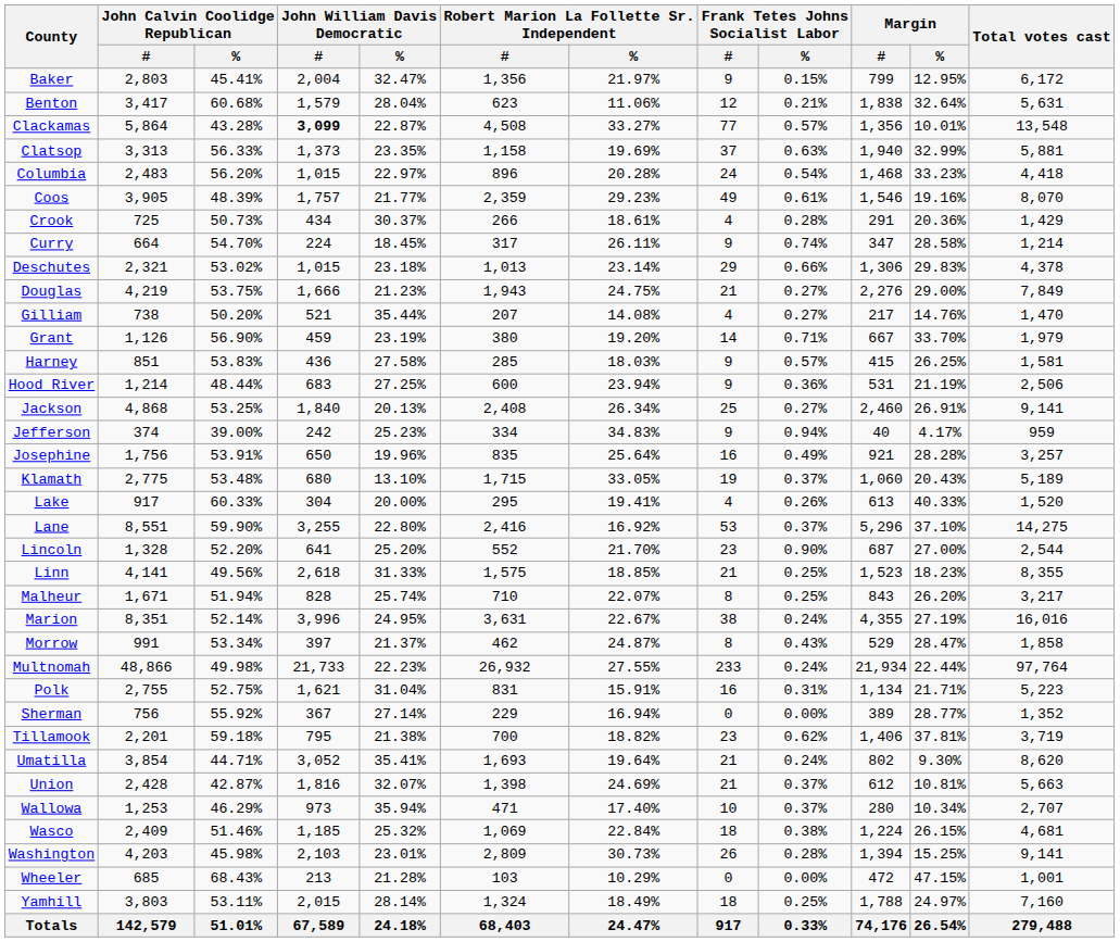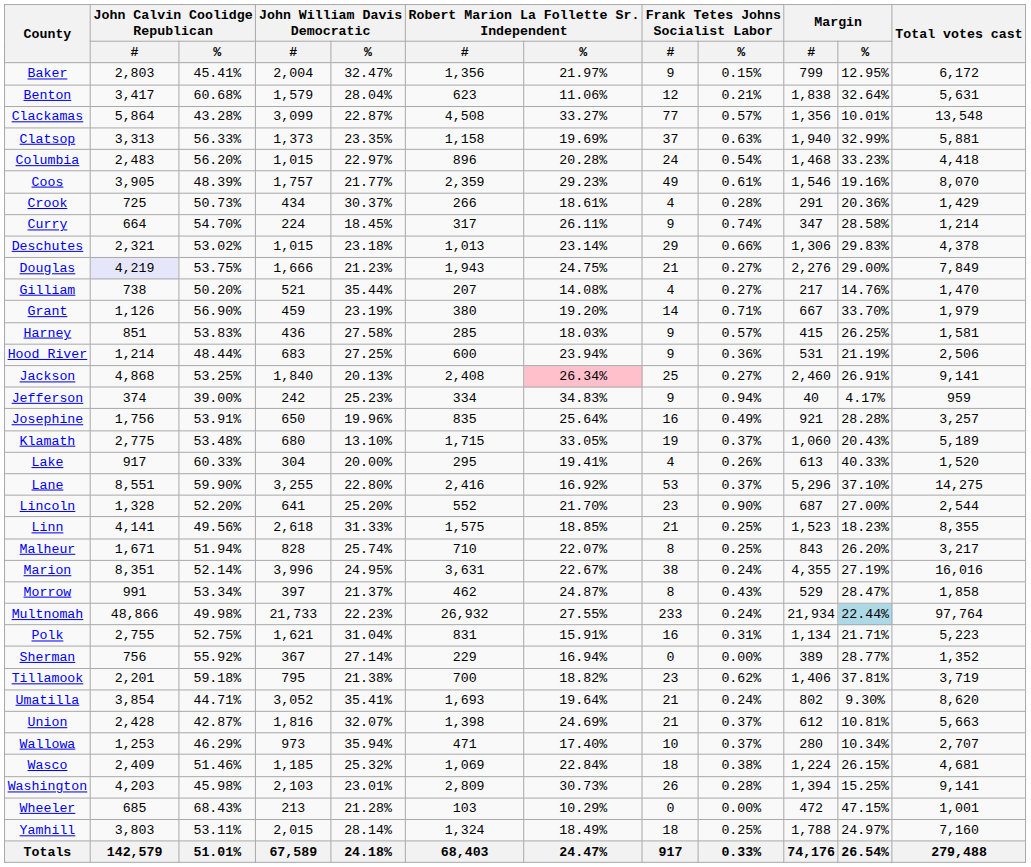 <table class="wikitable sortable">
 <tr>
 <th rowspan="2" style="text-align:center;">County</th>
 <th colspan="2" style="text-align:center;">John Calvin Coolidge<br>Republican</th>
 <th colspan="2" style="text-align:center;">John William Davis<br>Democratic</th>
 <th colspan="2" style="text-align:center;">Robert Marion La Follette Sr.<br>Independent</th>
 <th colspan="2" style="text-align:center;">Frank Tetes Johns<br>Socialist Labor</th>
 <th colspan="2" style="text-align:center;">Margin</th>
 <th rowspan="2" style="text-align:center;">Total votes cast</th>
 </tr>
 <tr>
 <th style="text-align:center;" data-sort-type="number">#</th>
 <th style="text-align:center;" data-sort-type="number">%</th>
 <th style="text-align:center;" data-sort-type="number">#</th>
 <th style="text-align:center;" data-sort-type="number">%</th>
 <th style="text-align:center;" data-sort-type="number">#</th>
 <th style="text-align:center;" data-sort-type="number">%</th>
 <th style="text-align:center;" data-sort-type="number">#</th>
 <th style="text-align:center;" data-sort-type="number">%</th>
 <th style="text-align:center;" data-sort-type="number">#</th>
 <th style="text-align:center;" data-sort-type="number">%</th>
 </tr>
 <tr style="text-align:center;">
 <td><a href='#'>Baker</a></td>
 <td>2,803</td>
 <td>45.41%</td>
 <td>2,004</td>
 <td>32.47%</td>
 <td>1,356</td>
 <td>21.97%</td>
 <td>9</td>
 <td>0.15%</td>
 <td>799</td>
 <td>12.95%</td>
 <td>6,172</td>
 </tr>
 <tr style="text-align:center;">
 <td><a href='#'>Benton</a></td>
 <td>3,417</td>
 <td>60.68%</td>
 <td>1,579</td>
 <td>28.04%</td>
 <td>623</td>
 <td>11.06%</td>
 <td>12</td>
 <td>0.21%</td>
 <td>1,838</td>
 <td>32.64%</td>
 <td>5,631</td>
 </tr>
 <tr style="text-align:center;">
 <td><a href='#'>Clackamas</a></td>
 <td>5,864</td>
 <td>43.28%</td>
-<td><strong>3,099</strong></td>
+<td>3,099</td>
 <td>22.87%</td>
 <td>4,508</td>
 <td>33.27%</td>
 <td>77</td>
 <td>0.57%</td>
 <td>1,356</td>
 <td>10.01%</td>
 <td>13,548</td>
 </tr>
 <tr style="text-align:center;">
 <td><a href='#'>Clatsop</a></td>
 <td>3,313</td>
 <td>56.33%</td>
 <td>1,373</td>
 <td>23.35%</td>
 <td>1,158</td>
 <td>19.69%</td>
 <td>37</td>
 <td>0.63%</td>
 <td>1,940</td>
 <td>32.99%</td>
 <td>5,881</td>
 </tr>
 <tr style="text-align:center;">
 <td><a href='#'>Columbia</a></td>
 <td>2,483</td>
 <td>56.20%</td>
 <td>1,015</td>
 <td>22.97%</td>
 <td>896</td>
 <td>20.28%</td>
 <td>24</td>
 <td>0.54%</td>
 <td>1,468</td>
 <td>33.23%</td>
 <td>4,418</td>
 </tr>
 <tr style="text-align:center;">
 <td><a href='#'>Coos</a></td>
 <td>3,905</td>
 <td>48.39%</td>
 <td>1,757</td>
 <td>21.77%</td>
 <td>2,359</td>
 <td>29.23%</td>
 <td>49</td>
 <td>0.61%</td>
 <td>1,546</td>
 <td>19.16%</td>
 <td>8,070</td>
 </tr>
 <tr style="text-align:center;">
 <td><a href='#'>Crook</a></td>
 <td>725</td>
 <td>50.73%</td>
 <td>434</td>
 <td>30.37%</td>
 <td>266</td>
 <td>18.61%</td>
 <td>4</td>
 <td>0.28%</td>
 <td>291</td>
 <td>20.36%</td>
 <td>1,429</td>
 </tr>
 <tr style="text-align:center;">
 <td><a href='#'>Curry</a></td>
 <td>664</td>
 <td>54.70%</td>
 <td>224</td>
 <td>18.45%</td>
 <td>317</td>
 <td>26.11%</td>
 <td>9</td>
 <td>0.74%</td>
 <td>347</td>
 <td>28.58%</td>
 <td>1,214</td>
 </tr>
 <tr style="text-align:center;">
 <td><a href='#'>Deschutes</a></td>
 <td>2,321</td>
 <td>53.02%</td>
 <td>1,015</td>
 <td>23.18%</td>
 <td>1,013</td>
 <td>23.14%</td>
 <td>29</td>
 <td>0.66%</td>
 <td>1,306</td>
 <td>29.83%</td>
 <td>4,378</td>
 </tr>
 <tr style="text-align:center;">
 <td><a href='#'>Douglas</a></td>
-<td>4,219</td>
+<td style="background: lavender;">4,219</td>
 <td>53.75%</td>
 <td>1,666</td>
 <td>21.23%</td>
 <td>1,943</td>
 <td>24.75%</td>
 <td>21</td>
 <td>0.27%</td>
 <td>2,276</td>
 <td>29.00%</td>
 <td>7,849</td>
 </tr>
 <tr style="text-align:center;">
 <td><a href='#'>Gilliam</a></td>
 <td>738</td>
 <td>50.20%</td>
 <td>521</td>
 <td>35.44%</td>
 <td>207</td>
 <td>14.08%</td>
 <td>4</td>
 <td>0.27%</td>
 <td>217</td>
 <td>14.76%</td>
 <td>1,470</td>
 </tr>
 <tr style="text-align:center;">
 <td><a href='#'>Grant</a></td>
 <td>1,126</td>
 <td>56.90%</td>
 <td>459</td>
 <td>23.19%</td>
 <td>380</td>
 <td>19.20%</td>
 <td>14</td>
 <td>0.71%</td>
 <td>667</td>
 <td>33.70%</td>
 <td>1,979</td>
 </tr>
 <tr style="text-align:center;">
 <td><a href='#'>Harney</a></td>
 <td>851</td>
 <td>53.83%</td>
 <td>436</td>
 <td>27.58%</td>
 <td>285</td>
 <td>18.03%</td>
 <td>9</td>
 <td>0.57%</td>
 <td>415</td>
 <td>26.25%</td>
 <td>1,581</td>
 </tr>
 <tr style="text-align:center;">
 <td><a href='#'>Hood River</a></td>
 <td>1,214</td>
 <td>48.44%</td>
 <td>683</td>
 <td>27.25%</td>
 <td>600</td>
 <td>23.94%</td>
 <td>9</td>
 <td>0.36%</td>
 <td>531</td>
 <td>21.19%</td>
 <td>2,506</td>
 </tr>
 <tr style="text-align:center;">
 <td><a href='#'>Jackson</a></td>
 <td>4,868</td>
 <td>53.25%</td>
 <td>1,840</td>
 <td>20.13%</td>
 <td>2,408</td>
-<td>26.34%</td>
+<td style="background: pink;">26.34%</td>
 <td>25</td>
 <td>0.27%</td>
 <td>2,460</td>
 <td>26.91%</td>
 <td>9,141</td>
 </tr>
 <tr style="text-align:center;">
 <td><a href='#'>Jefferson</a></td>
 <td>374</td>
 <td>39.00%</td>
 <td>242</td>
 <td>25.23%</td>
 <td>334</td>
 <td>34.83%</td>
 <td>9</td>
 <td>0.94%</td>
 <td>40</td>
 <td>4.17%</td>
 <td>959</td>
 </tr>
 <tr style="text-align:center;">
 <td><a href='#'>Josephine</a></td>
 <td>1,756</td>
 <td>53.91%</td>
 <td>650</td>
 <td>19.96%</td>
 <td>835</td>
 <td>25.64%</td>
 <td>16</td>
 <td>0.49%</td>
 <td>921</td>
 <td>28.28%</td>
 <td>3,257</td>
 </tr>
 <tr style="text-align:center;">
 <td><a href='#'>Klamath</a></td>
 <td>2,775</td>
 <td>53.48%</td>
 <td>680</td>
 <td>13.10%</td>
 <td>1,715</td>
 <td>33.05%</td>
 <td>19</td>
 <td>0.37%</td>
 <td>1,060</td>
 <td>20.43%</td>
 <td>5,189</td>
 </tr>
 <tr style="text-align:center;">
 <td><a href='#'>Lake</a></td>
 <td>917</td>
 <td>60.33%</td>
 <td>304</td>
 <td>20.00%</td>
 <td>295</td>
 <td>19.41%</td>
 <td>4</td>
 <td>0.26%</td>
 <td>613</td>
 <td>40.33%</td>
 <td>1,520</td>
 </tr>
 <tr style="text-align:center;">
 <td><a href='#'>Lane</a></td>
 <td>8,551</td>
 <td>59.90%</td>
 <td>3,255</td>
 <td>22.80%</td>
 <td>2,416</td>
 <td>16.92%</td>
 <td>53</td>
 <td>0.37%</td>
 <td>5,296</td>
 <td>37.10%</td>
 <td>14,275</td>
 </tr>
 <tr style="text-align:center;">
 <td><a href='#'>Lincoln</a></td>
 <td>1,328</td>
 <td>52.20%</td>
 <td>641</td>
 <td>25.20%</td>
 <td>552</td>
 <td>21.70%</td>
 <td>23</td>
 <td>0.90%</td>
 <td>687</td>
 <td>27.00%</td>
 <td>2,544</td>
 </tr>
 <tr style="text-align:center;">
 <td><a href='#'>Linn</a></td>
 <td>4,141</td>
 <td>49.56%</td>
 <td>2,618</td>
 <td>31.33%</td>
 <td>1,575</td>
 <td>18.85%</td>
 <td>21</td>
 <td>0.25%</td>
 <td>1,523</td>
 <td>18.23%</td>
 <td>8,355</td>
 </tr>
 <tr style="text-align:center;">
 <td><a href='#'>Malheur</a></td>
 <td>1,671</td>
 <td>51.94%</td>
 <td>828</td>
 <td>25.74%</td>
 <td>710</td>
 <td>22.07%</td>
 <td>8</td>
 <td>0.25%</td>
 <td>843</td>
 <td>26.20%</td>
 <td>3,217</td>
 </tr>
 <tr style="text-align:center;">
 <td><a href='#'>Marion</a></td>
 <td>8,351</td>
 <td>52.14%</td>
 <td>3,996</td>
 <td>24.95%</td>
 <td>3,631</td>
 <td>22.67%</td>
 <td>38</td>
 <td>0.24%</td>
 <td>4,355</td>
 <td>27.19%</td>
 <td>16,016</td>
 </tr>
 <tr style="text-align:center;">
 <td><a href='#'>Morrow</a></td>
 <td>991</td>
 <td>53.34%</td>
 <td>397</td>
 <td>21.37%</td>
 <td>462</td>
 <td>24.87%</td>
 <td>8</td>
 <td>0.43%</td>
 <td>529</td>
 <td>28.47%</td>
 <td>1,858</td>
 </tr>
 <tr style="text-align:center;">
 <td><a href='#'>Multnomah</a></td>
 <td>48,866</td>
 <td>49.98%</td>
 <td>21,733</td>
 <td>22.23%</td>
 <td>26,932</td>
 <td>27.55%</td>
 <td>233</td>
 <td>0.24%</td>
 <td>21,934</td>
-<td>22.44%</td>
+<td style="background: lightblue;">22.44%</td>
 <td>97,764</td>
 </tr>
 <tr style="text-align:center;">
 <td><a href='#'>Polk</a></td>
 <td>2,755</td>
 <td>52.75%</td>
 <td>1,621</td>
 <td>31.04%</td>
 <td>831</td>
 <td>15.91%</td>
 <td>16</td>
 <td>0.31%</td>
 <td>1,134</td>
 <td>21.71%</td>
 <td>5,223</td>
 </tr>
 <tr style="text-align:center;">
 <td><a href='#'>Sherman</a></td>
 <td>756</td>
 <td>55.92%</td>
 <td>367</td>
 <td>27.14%</td>
 <td>229</td>
 <td>16.94%</td>
 <td>0</td>
 <td>0.00%</td>
 <td>389</td>
 <td>28.77%</td>
 <td>1,352</td>
 </tr>
 <tr style="text-align:center;">
 <td><a href='#'>Tillamook</a></td>
 <td>2,201</td>
 <td>59.18%</td>
 <td>795</td>
 <td>21.38%</td>
 <td>700</td>
 <td>18.82%</td>
 <td>23</td>
 <td>0.62%</td>
 <td>1,406</td>
 <td>37.81%</td>
 <td>3,719</td>
 </tr>
 <tr style="text-align:center;">
 <td><a href='#'>Umatilla</a></td>
 <td>3,854</td>
 <td>44.71%</td>
 <td>3,052</td>
 <td>35.41%</td>
 <td>1,693</td>
 <td>19.64%</td>
 <td>21</td>
 <td>0.24%</td>
 <td>802</td>
 <td>9.30%</td>
 <td>8,620</td>
 </tr>
 <tr style="text-align:center;">
 <td><a href='#'>Union</a></td>
 <td>2,428</td>
 <td>42.87%</td>
 <td>1,816</td>
 <td>32.07%</td>
 <td>1,398</td>
 <td>24.69%</td>
 <td>21</td>
 <td>0.37%</td>
 <td>612</td>
 <td>10.81%</td>
 <td>5,663</td>
 </tr>
 <tr style="text-align:center;">
 <td><a href='#'>Wallowa</a></td>
 <td>1,253</td>
 <td>46.29%</td>
 <td>973</td>
 <td>35.94%</td>
 <td>471</td>
 <td>17.40%</td>
 <td>10</td>
 <td>0.37%</td>
 <td>280</td>
 <td>10.34%</td>
 <td>2,707</td>
 </tr>
 <tr style="text-align:center;">
 <td><a href='#'>Wasco</a></td>
 <td>2,409</td>
 <td>51.46%</td>
 <td>1,185</td>
 <td>25.32%</td>
 <td>1,069</td>
 <td>22.84%</td>
 <td>18</td>
 <td>0.38%</td>
 <td>1,224</td>
 <td>26.15%</td>
 <td>4,681</td>
 </tr>
 <tr style="text-align:center;">
 <td><a href='#'>Washington</a></td>
 <td>4,203</td>
 <td>45.98%</td>
 <td>2,103</td>
 <td>23.01%</td>
 <td>2,809</td>
 <td>30.73%</td>
 <td>26</td>
 <td>0.28%</td>
 <td>1,394</td>
 <td>15.25%</td>
 <td>9,141</td>
 </tr>
 <tr style="text-align:center;">
 <td><a href='#'>Wheeler</a></td>
 <td>685</td>
 <td>68.43%</td>
 <td>213</td>
 <td>21.28%</td>
 <td>103</td>
 <td>10.29%</td>
 <td>0</td>
 <td>0.00%</td>
 <td>472</td>
 <td>47.15%</td>
 <td>1,001</td>
 </tr>
 <tr style="text-align:center;">
 <td><a href='#'>Yamhill</a></td>
 <td>3,803</td>
 <td>53.11%</td>
 <td>2,015</td>
 <td>28.14%</td>
 <td>1,324</td>
 <td>18.49%</td>
 <td>18</td>
 <td>0.25%</td>
 <td>1,788</td>
 <td>24.97%</td>
 <td>7,160</td>
 </tr>
 <tr style="text-align:center;">
 <th>Totals</th>
 <th>142,579</th>
 <th>51.01%</th>
 <th>67,589</th>
 <th>24.18%</th>
 <th>68,403</th>
 <th>24.47%</th>
 <th>917</th>
 <th>0.33%</th>
 <th>74,176</th>
 <th>26.54%</th>
 <th>279,488</th>
 </tr>
 </table>
